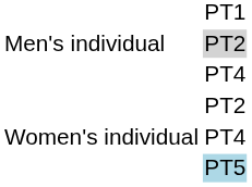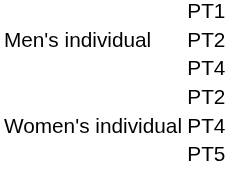 <table>
 <tr>
 <td rowspan=3>Men's individual</td>
 <td>PT1<br></td>
 <td></td>
 <td></td>
 <td></td>
 </tr>
 <tr>
-<td style="background: lightgrey;">PT2<br></td>
+<td>PT2<br></td>
 <td></td>
 <td></td>
 <td></td>
 </tr>
 <tr>
 <td>PT4<br></td>
 <td></td>
 <td></td>
 <td></td>
 </tr>
 <tr>
 <td rowspan=3 nowrap>Women's individual</td>
 <td>PT2<br></td>
 <td nowrap></td>
 <td nowrap></td>
 <td></td>
 </tr>
 <tr>
 <td>PT4<br></td>
 <td></td>
 <td></td>
 <td nowrap></td>
 </tr>
 <tr>
-<td style="background: lightblue;">PT5<br></td>
+<td>PT5<br></td>
 <td></td>
 <td></td>
 <td></td>
 </tr>
 </table>
